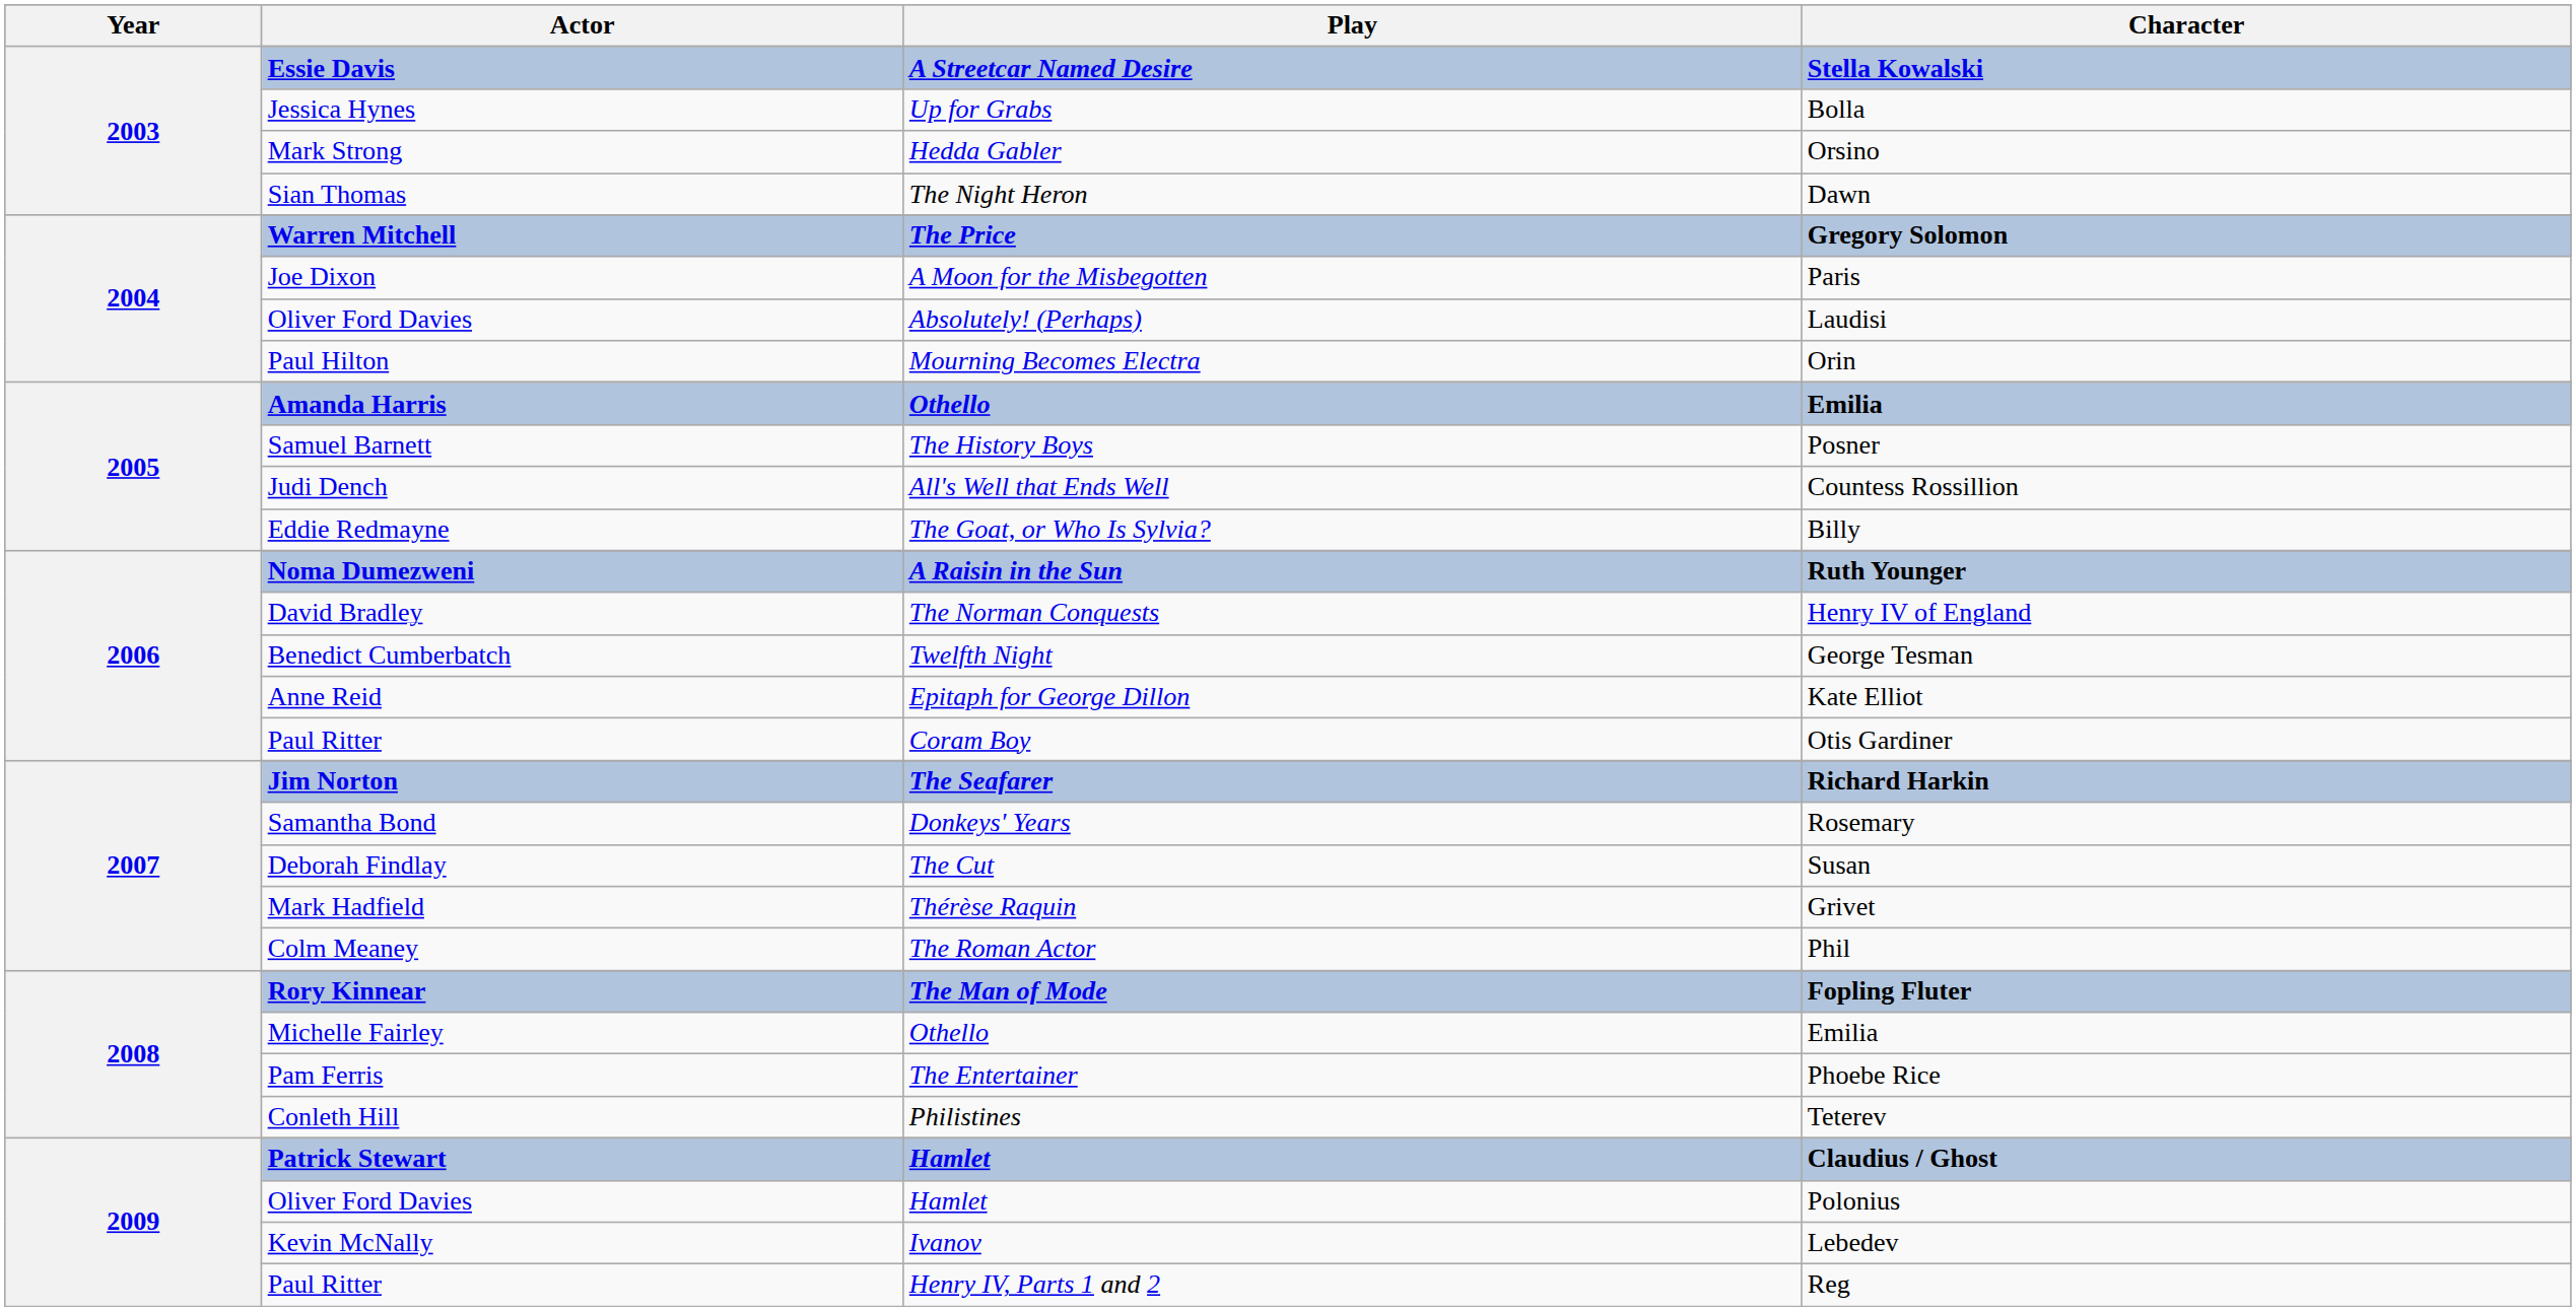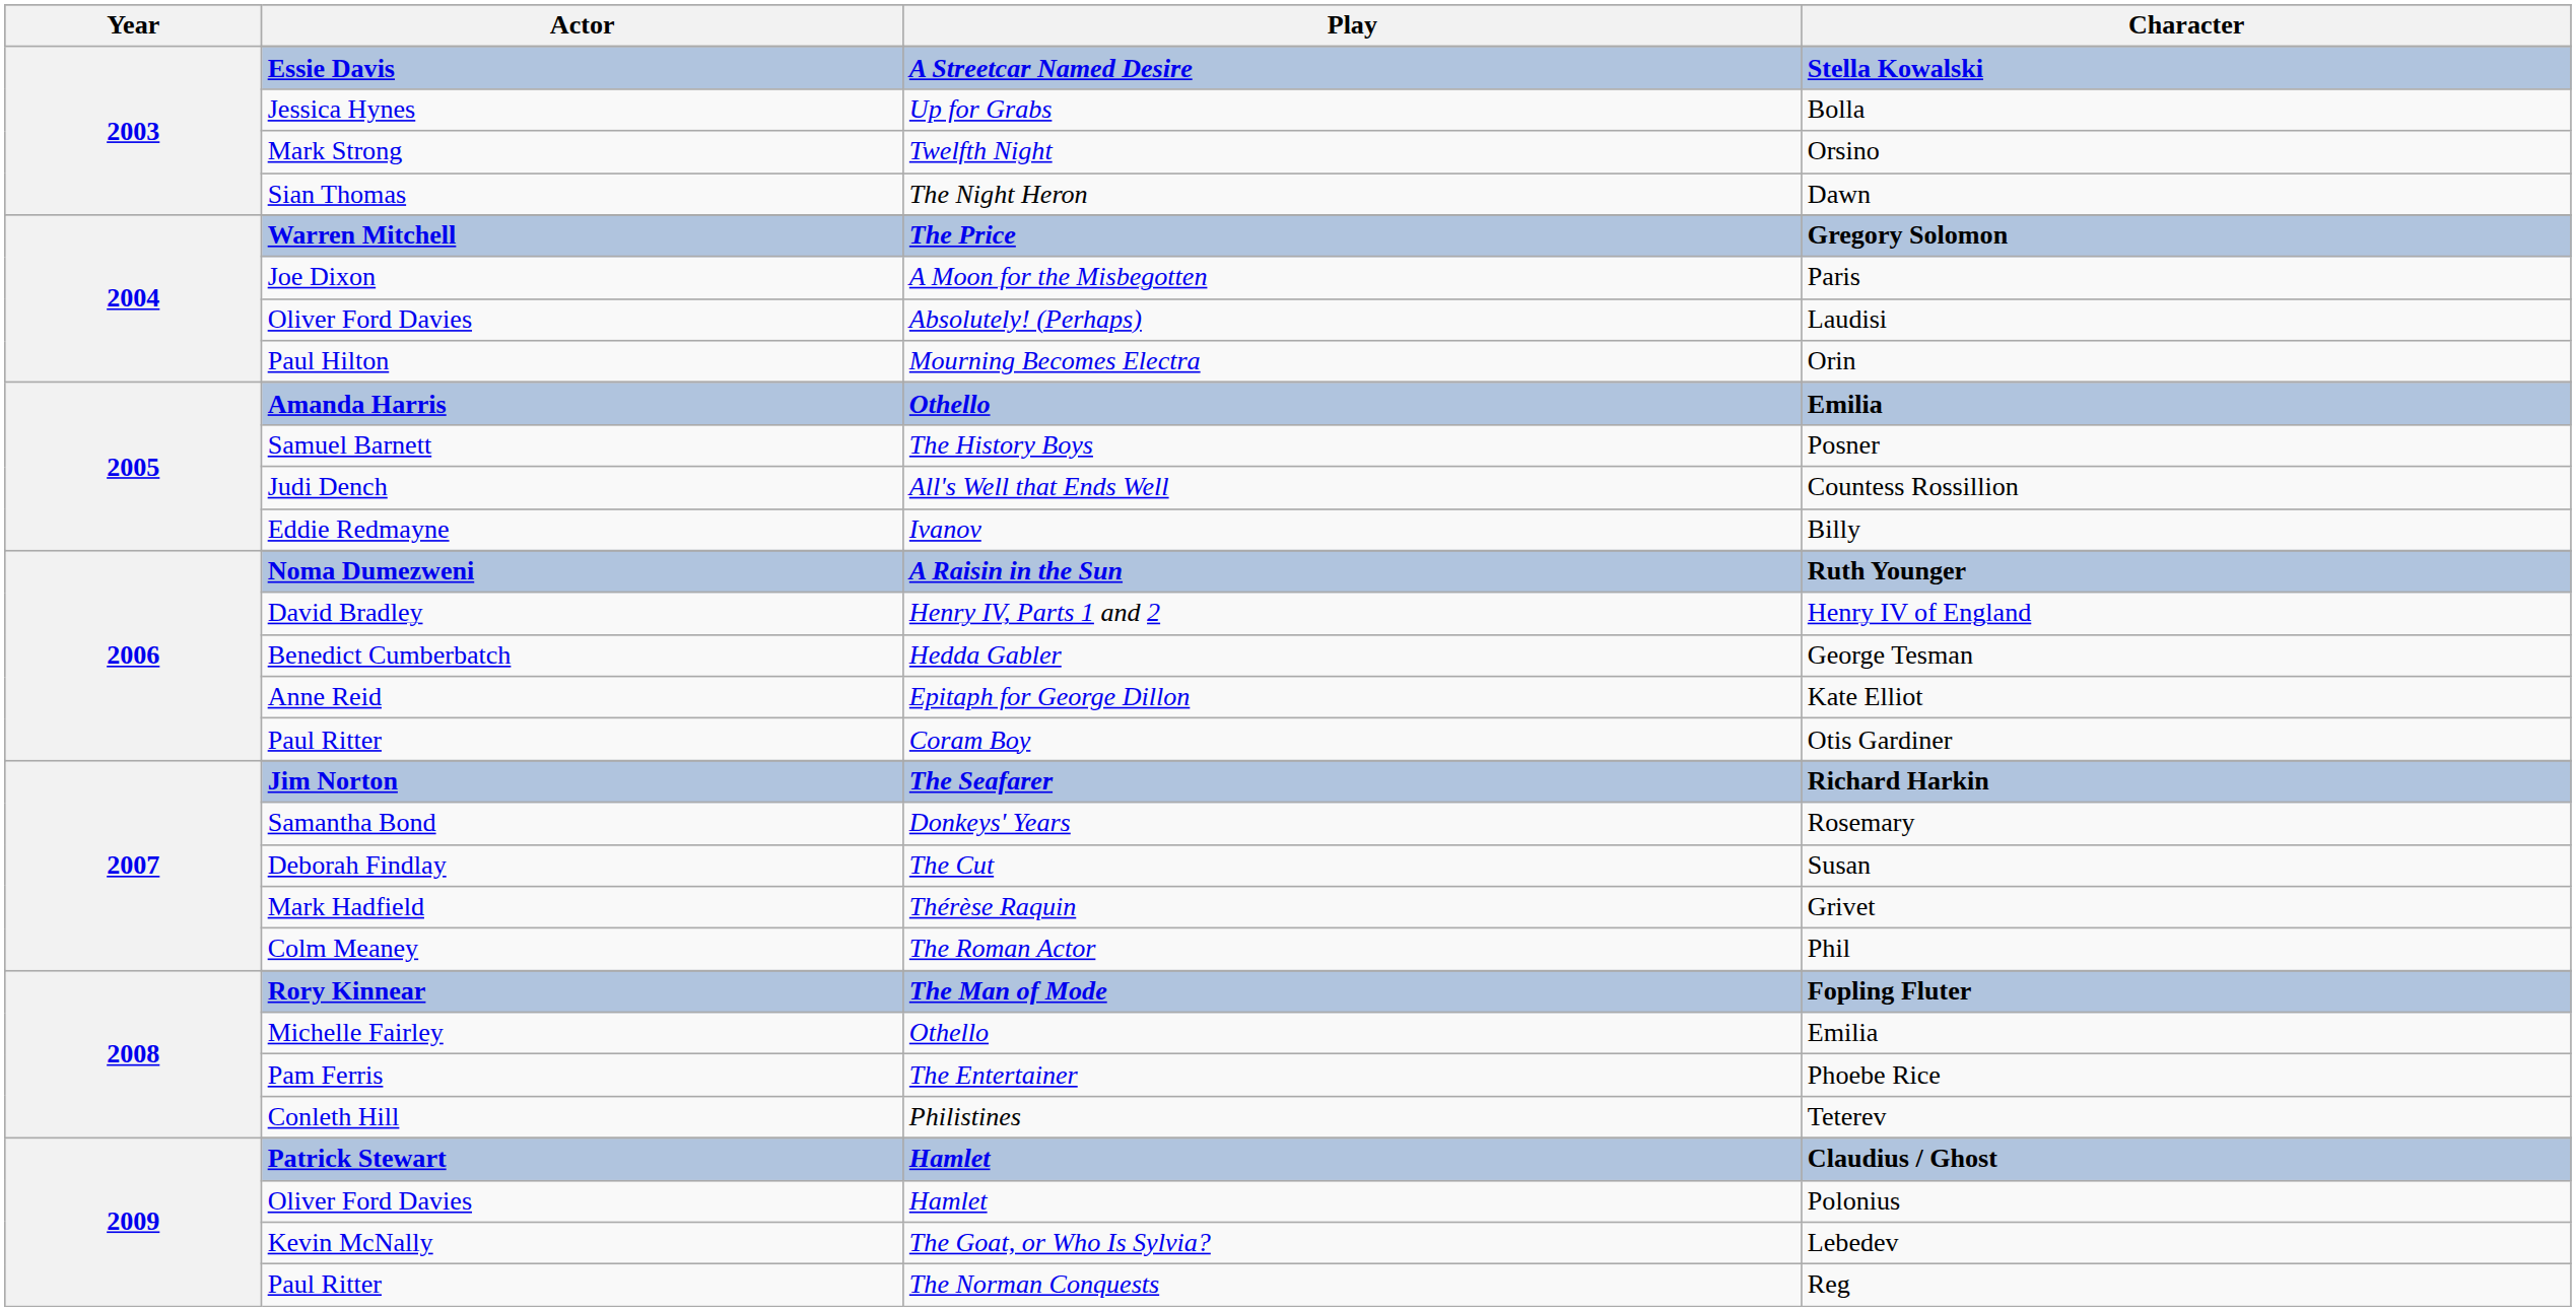 <table class="wikitable" style="width:98%;">
 <tr style="background:#bebebe;">
 <th style="width:10%;">Year</th>
 <th style="width:25%;">Actor</th>
 <th style="width:35%;">Play</th>
 <th style="width:30%;">Character</th>
 </tr>
 <tr>
 <th rowspan="5" align="center"><a href='#'>2003</a></th>
 </tr>
 <tr style="background:#B0C4DE">
 <td><strong><a href='#'>Essie Davis</a></strong></td>
 <td><strong><em><a href='#'>A Streetcar Named Desire</a></em></strong></td>
 <td><strong><a href='#'>Stella Kowalski</a></strong></td>
 </tr>
 <tr>
 <td><a href='#'>Jessica Hynes</a></td>
 <td><em><a href='#'>Up for Grabs</a></em></td>
 <td>Bolla</td>
 </tr>
 <tr>
 <td><a href='#'>Mark Strong</a></td>
-<td><em><a href='#'>Hedda Gabler</a></em></td>
+<td><em><a href='#'>Twelfth Night</a></em></td>
 <td>Orsino</td>
 </tr>
 <tr>
 <td><a href='#'>Sian Thomas</a></td>
 <td><em>The Night Heron</em></td>
 <td>Dawn</td>
 </tr>
 <tr>
 <th rowspan="5" align="center"><a href='#'>2004</a></th>
 </tr>
 <tr style="background:#B0C4DE">
 <td><strong><a href='#'>Warren Mitchell</a></strong></td>
 <td><strong><em><a href='#'>The Price</a></em></strong></td>
 <td><strong>Gregory Solomon</strong></td>
 </tr>
 <tr>
 <td><a href='#'>Joe Dixon</a></td>
 <td><em><a href='#'>A Moon for the Misbegotten</a></em></td>
 <td>Paris</td>
 </tr>
 <tr>
 <td><a href='#'>Oliver Ford Davies</a></td>
 <td><em><a href='#'>Absolutely! (Perhaps)</a></em></td>
 <td>Laudisi</td>
 </tr>
 <tr>
 <td><a href='#'>Paul Hilton</a></td>
 <td><em><a href='#'>Mourning Becomes Electra</a></em></td>
 <td>Orin</td>
 </tr>
 <tr>
 <th rowspan="5" align="center"><a href='#'>2005</a></th>
 </tr>
 <tr style="background:#B0C4DE">
 <td><strong><a href='#'>Amanda Harris</a></strong></td>
 <td><strong><em><a href='#'>Othello</a></em></strong></td>
 <td><strong>Emilia</strong></td>
 </tr>
 <tr>
 <td><a href='#'>Samuel Barnett</a></td>
 <td><em><a href='#'>The History Boys</a></em></td>
 <td>Posner</td>
 </tr>
 <tr>
 <td><a href='#'>Judi Dench</a></td>
 <td><em><a href='#'>All's Well that Ends Well</a></em></td>
 <td>Countess Rossillion</td>
 </tr>
 <tr>
 <td><a href='#'>Eddie Redmayne</a></td>
-<td><em><a href='#'>The Goat, or Who Is Sylvia?</a></em></td>
+<td><em><a href='#'>Ivanov</a></em></td>
 <td>Billy</td>
 </tr>
 <tr>
 <th rowspan="6" align="center"><a href='#'>2006</a></th>
 </tr>
 <tr style="background:#B0C4DE">
 <td><strong><a href='#'>Noma Dumezweni</a></strong></td>
 <td><strong><em><a href='#'>A Raisin in the Sun</a></em></strong></td>
 <td><strong>Ruth Younger</strong></td>
 </tr>
 <tr>
 <td><a href='#'>David Bradley</a></td>
-<td><em><a href='#'>The Norman Conquests</a></em></td>
+<td><em><a href='#'>Henry IV, Parts 1</a> and <a href='#'>2</a></em></td>
 <td><a href='#'>Henry IV of England</a></td>
 </tr>
 <tr>
 <td><a href='#'>Benedict Cumberbatch</a></td>
-<td><em><a href='#'>Twelfth Night</a></em></td>
+<td><em><a href='#'>Hedda Gabler</a></em></td>
 <td>George Tesman</td>
 </tr>
 <tr>
 <td><a href='#'>Anne Reid</a></td>
 <td><em><a href='#'>Epitaph for George Dillon</a></em></td>
 <td>Kate Elliot</td>
 </tr>
 <tr>
 <td><a href='#'>Paul Ritter</a></td>
 <td><em><a href='#'>Coram Boy</a></em></td>
 <td>Otis Gardiner</td>
 </tr>
 <tr>
 <th rowspan="6" align="center"><a href='#'>2007</a></th>
 </tr>
 <tr style="background:#B0C4DE">
 <td><strong><a href='#'>Jim Norton</a></strong></td>
 <td><strong><em><a href='#'>The Seafarer</a></em></strong></td>
 <td><strong>Richard Harkin</strong></td>
 </tr>
 <tr>
 <td><a href='#'>Samantha Bond</a></td>
 <td><em><a href='#'>Donkeys' Years</a></em></td>
 <td>Rosemary</td>
 </tr>
 <tr>
 <td><a href='#'>Deborah Findlay</a></td>
 <td><em><a href='#'>The Cut</a></em></td>
 <td>Susan</td>
 </tr>
 <tr>
 <td><a href='#'>Mark Hadfield</a></td>
 <td><em><a href='#'>Thérèse Raquin</a></em></td>
 <td>Grivet</td>
 </tr>
 <tr>
 <td><a href='#'>Colm Meaney</a></td>
 <td><em><a href='#'>The Roman Actor</a></em></td>
 <td>Phil</td>
 </tr>
 <tr>
 <th rowspan="5" align="center"><a href='#'>2008</a></th>
 </tr>
 <tr style="background:#B0C4DE">
 <td><strong><a href='#'>Rory Kinnear</a></strong></td>
 <td><strong><em><a href='#'>The Man of Mode</a></em></strong></td>
 <td><strong>Fopling Fluter</strong></td>
 </tr>
 <tr>
 <td><a href='#'>Michelle Fairley</a></td>
 <td><em><a href='#'>Othello</a></em></td>
 <td>Emilia</td>
 </tr>
 <tr>
 <td><a href='#'>Pam Ferris</a></td>
 <td><em><a href='#'>The Entertainer</a></em></td>
 <td>Phoebe Rice</td>
 </tr>
 <tr>
 <td><a href='#'>Conleth Hill</a></td>
 <td><em>Philistines</em></td>
 <td>Teterev</td>
 </tr>
 <tr>
 <th rowspan="5" align="center"><a href='#'>2009</a></th>
 </tr>
 <tr style="background:#B0C4DE">
 <td><strong><a href='#'>Patrick Stewart</a></strong></td>
 <td><strong><em><a href='#'>Hamlet</a></em></strong></td>
 <td><strong>Claudius / Ghost</strong></td>
 </tr>
 <tr>
 <td><a href='#'>Oliver Ford Davies</a></td>
 <td><em><a href='#'>Hamlet</a></em></td>
 <td>Polonius</td>
 </tr>
 <tr>
 <td><a href='#'>Kevin McNally</a></td>
-<td><em><a href='#'>Ivanov</a></em></td>
+<td><em><a href='#'>The Goat, or Who Is Sylvia?</a></em></td>
 <td>Lebedev</td>
 </tr>
 <tr>
 <td><a href='#'>Paul Ritter</a></td>
-<td><em><a href='#'>Henry IV, Parts 1</a> and <a href='#'>2</a></em></td>
+<td><em><a href='#'>The Norman Conquests</a></em></td>
 <td>Reg</td>
 </tr>
 </table>
